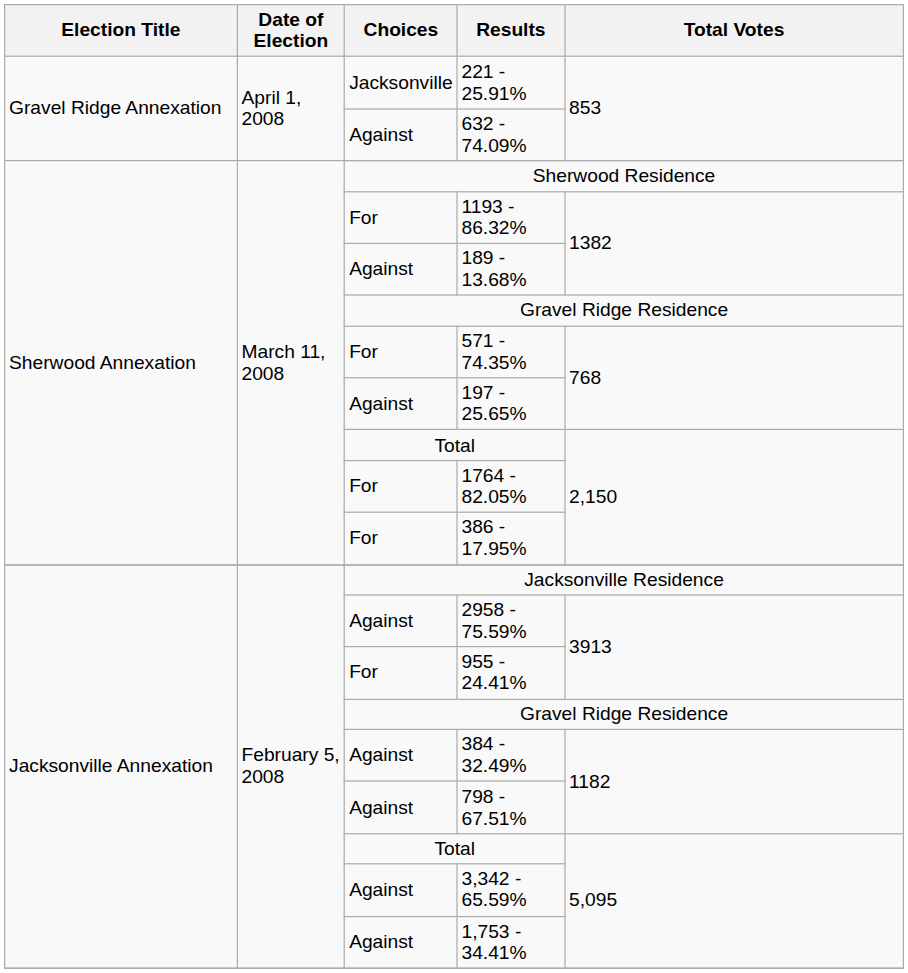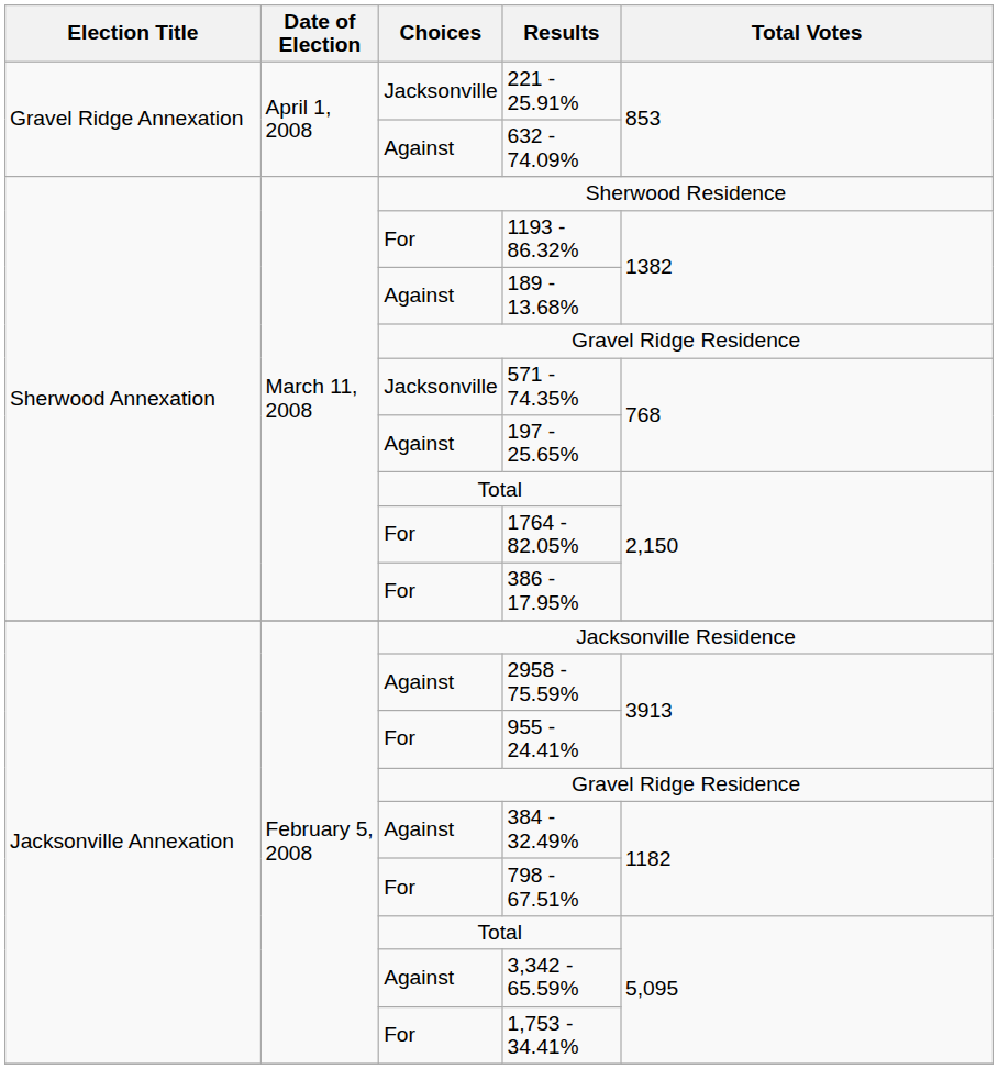 <table class="wikitable" width="750pt">
 <tr>
 <th width="26%">Election Title</th>
 <th width="12%">Date of Election</th>
 <th width="12%">Choices</th>
 <th width="12%">Results</th>
 <th width="38%">Total Votes</th>
 </tr>
 <tr>
 <td rowspan="2">Gravel Ridge Annexation</td>
 <td rowspan="2">April 1, 2008</td>
 <td>Jacksonville</td>
 <td>221 - 25.91%</td>
 <td rowspan="2">853</td>
 </tr>
 <tr>
 <td>Against</td>
 <td>632 - 74.09%</td>
 </tr>
 <tr>
 <td rowspan="10">Sherwood Annexation</td>
 <td rowspan="10">March 11, 2008</td>
 </tr>
 <tr>
 <td colspan="3" style="text-align:center;">Sherwood Residence</td>
 </tr>
 <tr>
 <td>For</td>
 <td>1193 - 86.32%</td>
 <td rowspan="2">1382</td>
 </tr>
 <tr>
 <td>Against</td>
 <td>189 - 13.68%</td>
 </tr>
 <tr>
 <td colspan="3" style="text-align:center;">Gravel Ridge Residence</td>
 </tr>
 <tr>
-<td>For</td>
+<td>Jacksonville</td>
 <td>571 - 74.35%</td>
 <td rowspan="2">768</td>
 </tr>
 <tr>
 <td>Against</td>
 <td>197 - 25.65%</td>
 </tr>
 <tr>
 <td colspan="2" style="text-align:center;">Total</td>
 <td rowspan="3">2,150</td>
 </tr>
 <tr>
 <td>For</td>
 <td>1764 - 82.05%</td>
 </tr>
 <tr>
 <td>For</td>
 <td>386 - 17.95%</td>
 </tr>
 <tr>
 </tr>
 <tr>
 <td rowspan="10">Jacksonville Annexation</td>
 <td rowspan="10">February 5, 2008</td>
 </tr>
 <tr>
 <td colspan="3" style="text-align:center;">Jacksonville Residence</td>
 </tr>
 <tr>
 <td>Against</td>
 <td>2958 - 75.59%</td>
 <td rowspan="2">3913</td>
 </tr>
 <tr>
 <td>For</td>
 <td>955 - 24.41%</td>
 </tr>
 <tr>
 <td colspan="3" style="text-align:center;">Gravel Ridge Residence</td>
 </tr>
 <tr>
 <td>Against</td>
 <td>384 - 32.49%</td>
 <td rowspan="2">1182</td>
 </tr>
 <tr>
-<td>Against</td>
+<td>For</td>
 <td>798 - 67.51%</td>
 </tr>
 <tr>
 <td colspan="2" style="text-align:center;">Total</td>
 <td rowspan="3">5,095</td>
 </tr>
 <tr>
 <td>Against</td>
 <td>3,342 - 65.59%</td>
 </tr>
 <tr>
-<td>Against</td>
+<td>For</td>
 <td>1,753 - 34.41%</td>
 </tr>
 <tr>
 </tr>
 </table>
